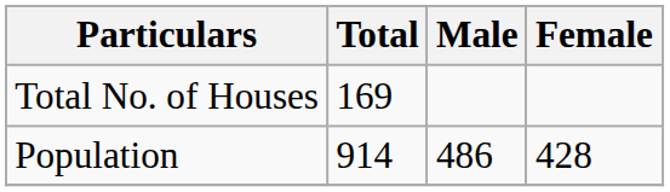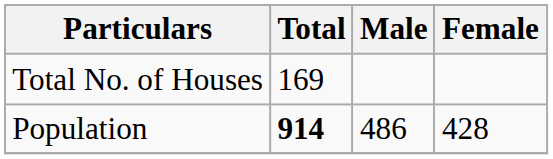 <table class="wikitable sortable">
 <tr>
 <th>Particulars</th>
 <th>Total</th>
 <th>Male</th>
 <th>Female</th>
 </tr>
 <tr>
 <td>Total No. of Houses</td>
 <td>169</td>
 <td></td>
 <td></td>
 </tr>
 <tr>
 <td>Population</td>
-<td>914</td>
+<td><strong>914</strong></td>
 <td>486</td>
 <td>428</td>
 </tr>
 <tr>
 </tr>
 </table>
